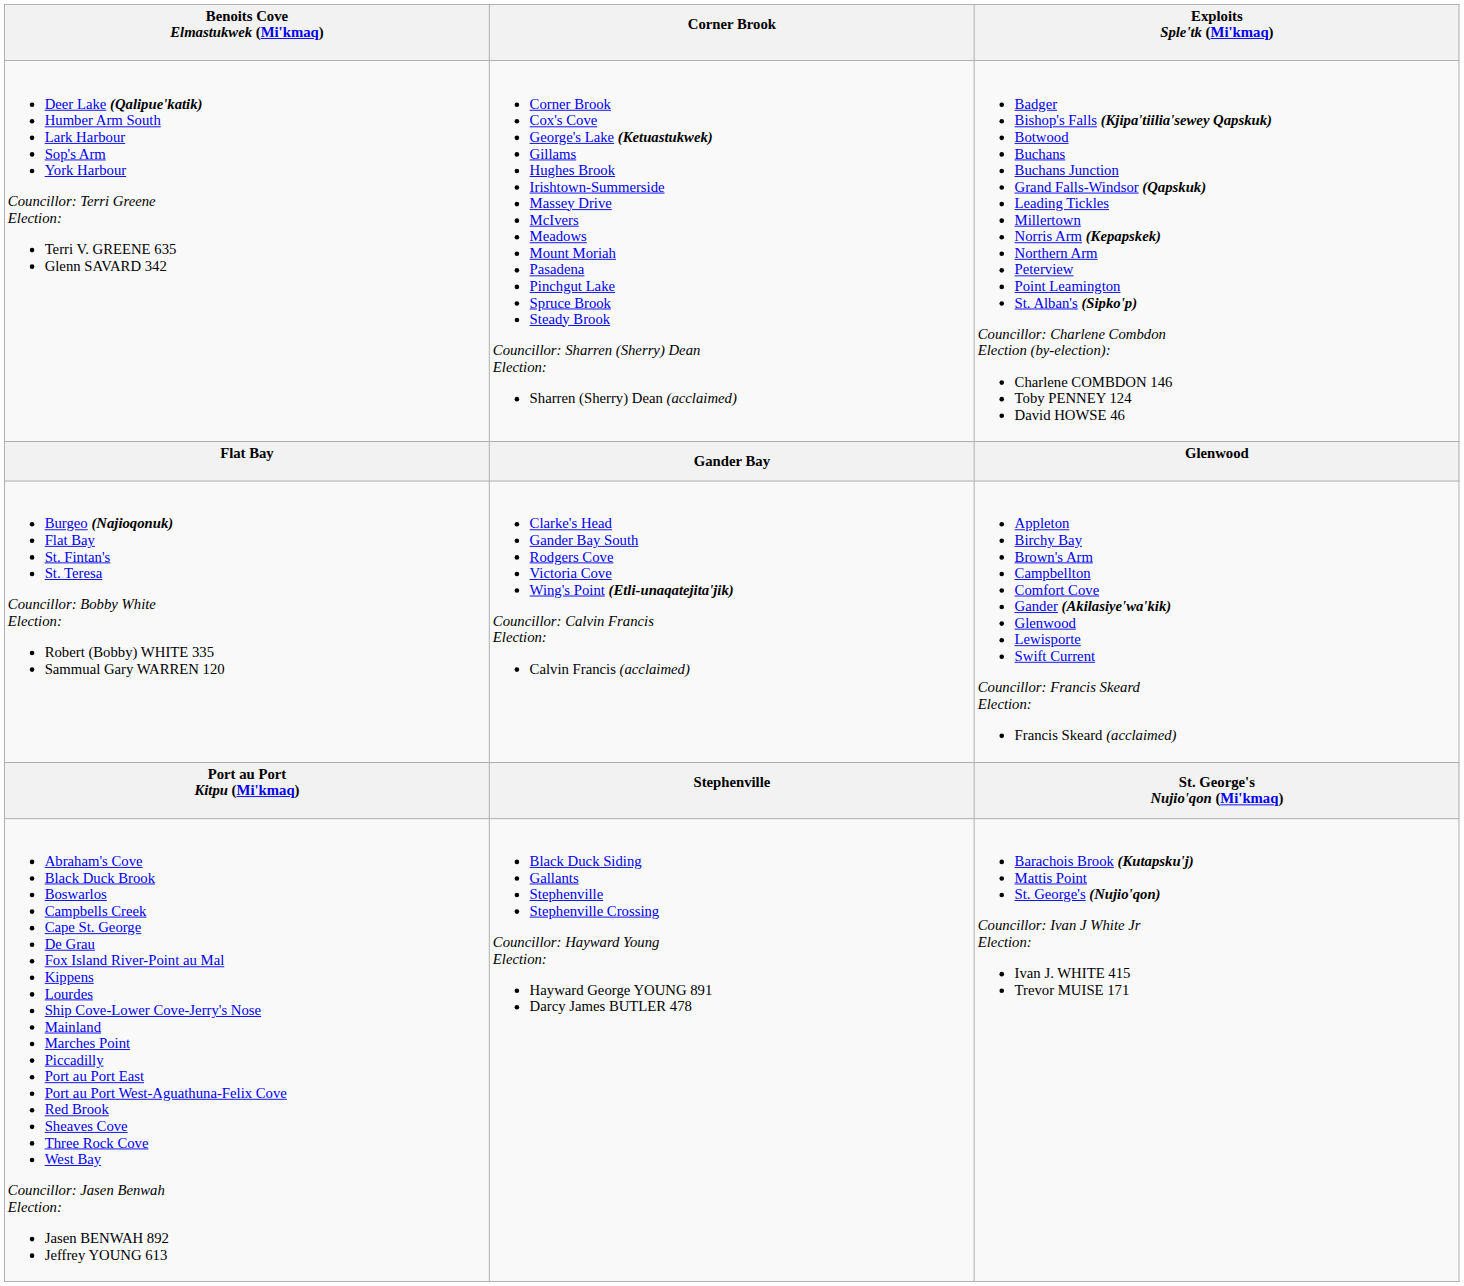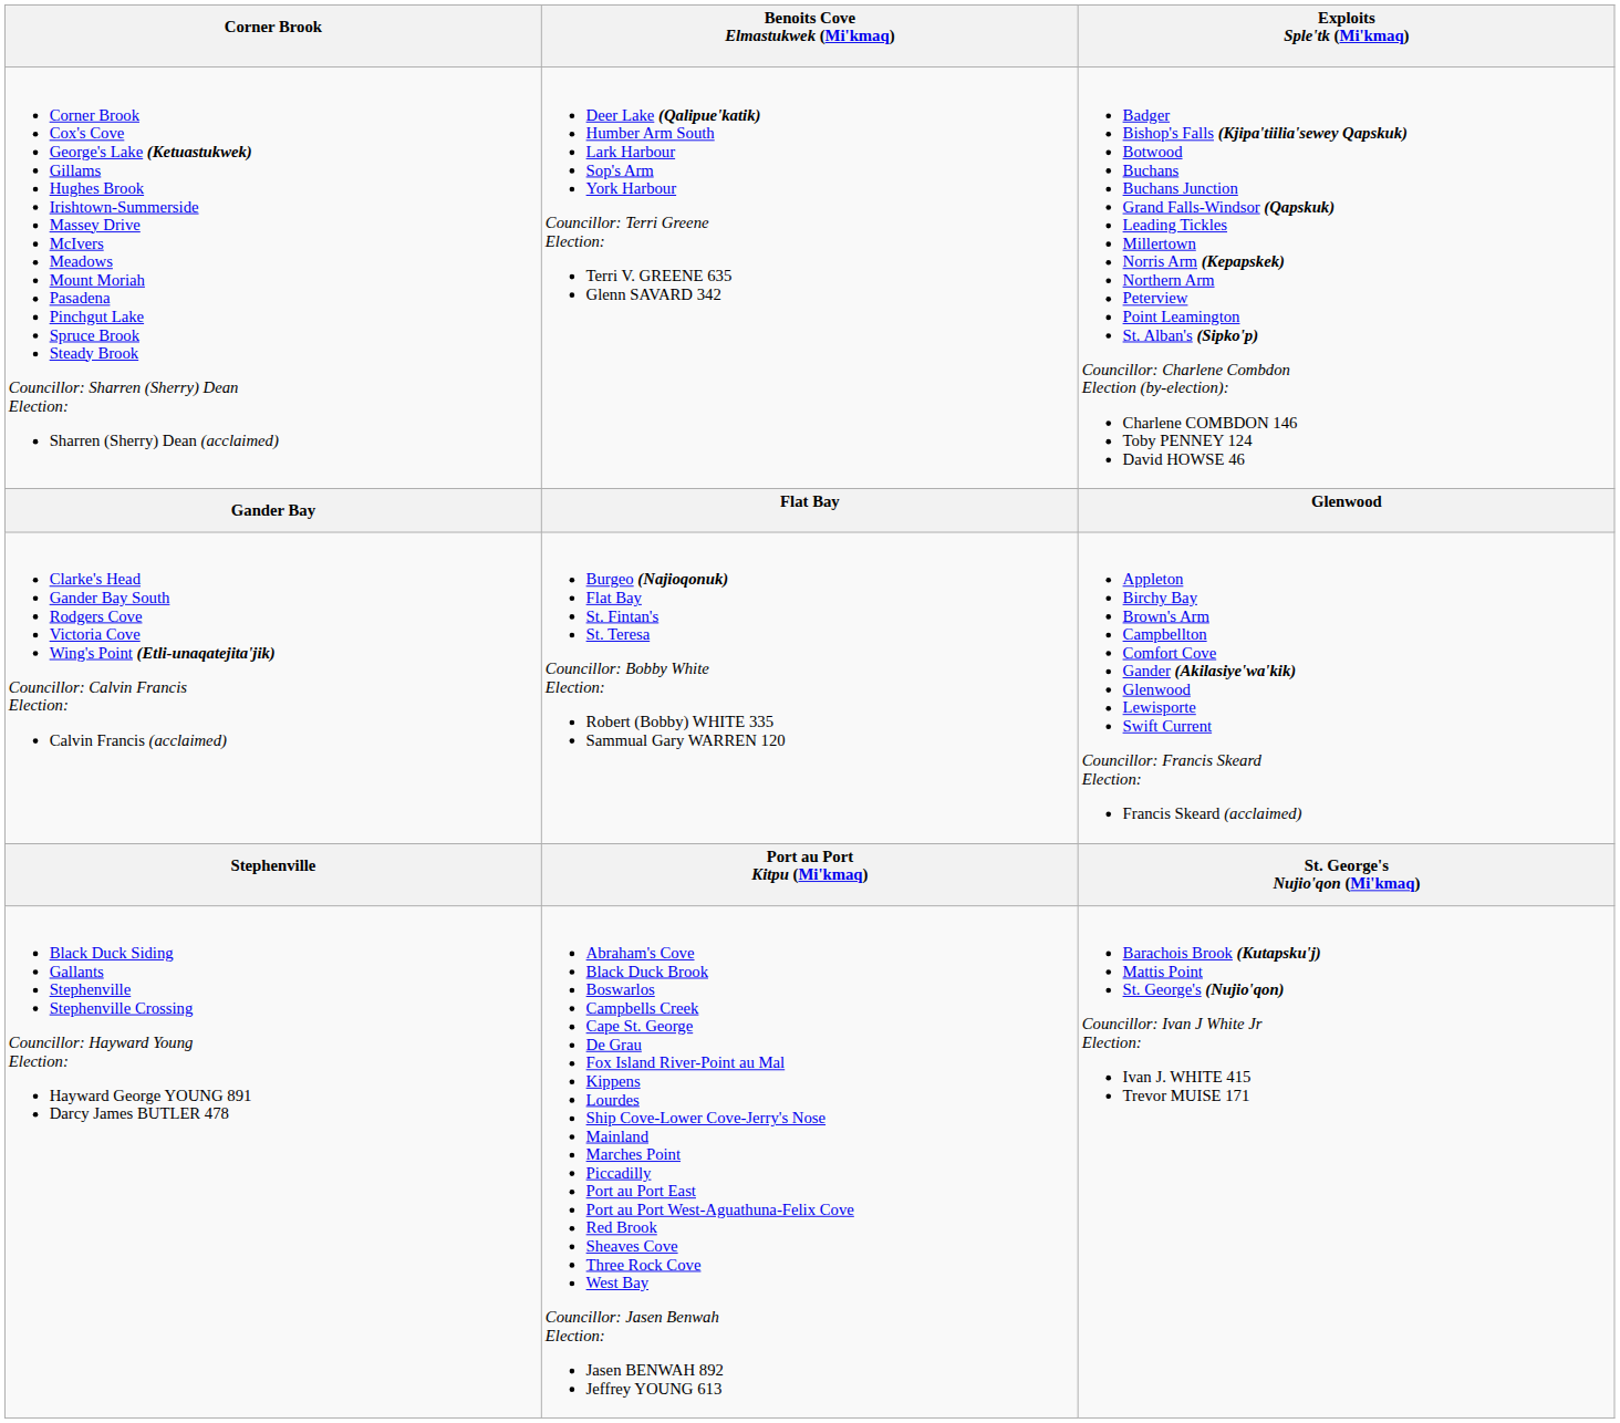 <table class="wikitable" style="width:99.9%">
 <tr>
+<th style="width:33.3%"><strong>Corner Brook<br><br></strong></th>
 <th style="width:33.3%"><strong>Benoits Cove<br><em>Elmastukwek</em> (<a href='#'>Mi'kmaq</a>)<br><br></strong></th>
-<th style="width:33.3%"><strong>Corner Brook<br><br></strong></th>
 <th style="width:33.3%"><strong>Exploits<br><em>Sple'tk</em> (<a href='#'>Mi'kmaq</a>)<br><br></strong></th>
 </tr>
 <tr>
+<td valign="top"><br><ul><li><a href='#'>Corner Brook</a></li><li><a href='#'>Cox's Cove</a></li><li><a href='#'>George's Lake</a> <strong><em>(Ketuastukwek)</em></strong></li><li><a href='#'>Gillams</a></li><li><a href='#'>Hughes Brook</a></li><li><a href='#'>Irishtown-Summerside</a></li><li><a href='#'>Massey Drive</a></li><li><a href='#'>McIvers</a></li><li><a href='#'>Meadows</a></li><li><a href='#'>Mount Moriah</a></li><li><a href='#'>Pasadena</a></li><li><a href='#'>Pinchgut Lake</a></li><li><a href='#'>Spruce Brook</a></li><li><a href='#'>Steady Brook</a></li></ul><em>Councillor:  Sharren (Sherry) Dean</em> <br><em>Election:</em><ul><li>Sharren (Sherry) Dean <em>(acclaimed)</em></li></ul></td>
 <td valign="top"><br><ul><li><a href='#'>Deer Lake</a> <strong><em>(Qalipue'katik)</em></strong></li><li><a href='#'>Humber Arm South</a></li><li><a href='#'>Lark Harbour</a></li><li><a href='#'>Sop's Arm</a></li><li><a href='#'>York Harbour</a></li></ul><em>Councillor: Terri Greene</em><br> <em>Election:</em><ul><li>Terri V. GREENE 635</li><li>Glenn SAVARD 342</li></ul></td>
-<td valign="top"><br><ul><li><a href='#'>Corner Brook</a></li><li><a href='#'>Cox's Cove</a></li><li><a href='#'>George's Lake</a> <strong><em>(Ketuastukwek)</em></strong></li><li><a href='#'>Gillams</a></li><li><a href='#'>Hughes Brook</a></li><li><a href='#'>Irishtown-Summerside</a></li><li><a href='#'>Massey Drive</a></li><li><a href='#'>McIvers</a></li><li><a href='#'>Meadows</a></li><li><a href='#'>Mount Moriah</a></li><li><a href='#'>Pasadena</a></li><li><a href='#'>Pinchgut Lake</a></li><li><a href='#'>Spruce Brook</a></li><li><a href='#'>Steady Brook</a></li></ul><em>Councillor:  Sharren (Sherry) Dean</em> <br><em>Election:</em><ul><li>Sharren (Sherry) Dean <em>(acclaimed)</em></li></ul></td>
 <td valign="top"><br><ul><li><a href='#'>Badger</a></li><li><a href='#'>Bishop's Falls</a> <strong><em>(Kjipa'tiilia'sewey Qapskuk)</em></strong></li><li><a href='#'>Botwood</a></li><li><a href='#'>Buchans</a></li><li><a href='#'>Buchans Junction</a></li><li><a href='#'>Grand Falls-Windsor</a> <strong><em>(Qapskuk)</em></strong></li><li><a href='#'>Leading Tickles</a></li><li><a href='#'>Millertown</a></li><li><a href='#'>Norris Arm</a> <strong><em>(Kepapskek)</em></strong></li><li><a href='#'>Northern Arm</a></li><li><a href='#'>Peterview</a></li><li><a href='#'>Point Leamington</a></li><li><a href='#'>St. Alban's</a> <strong><em>(Sipko'p)</em></strong></li></ul><em>Councillor: Charlene Combdon</em><br> <em>Election (by-election):</em><ul><li>Charlene COMBDON 146</li><li>Toby PENNEY 124</li><li>David HOWSE 46</li></ul></td>
 </tr>
 <tr>
+<th style="width:33.3%"><strong>Gander Bay<br></strong></th>
 <th style="width:33.3%"><strong>Flat Bay<br> <br></strong></th>
-<th style="width:33.3%"><strong>Gander Bay<br></strong></th>
 <th style="width:33.3%"><strong>Glenwood<br><br></strong></th>
 </tr>
 <tr>
+<td valign="top"><br><ul><li><a href='#'>Clarke's Head</a></li><li><a href='#'>Gander Bay South</a></li><li><a href='#'>Rodgers Cove</a></li><li><a href='#'>Victoria Cove</a></li><li><a href='#'>Wing's Point</a> <strong><em>(Etli-unaqatejita'jik)</em></strong></li></ul><em>Councillor: Calvin Francis</em><br><em>Election:</em><ul><li>Calvin Francis <em>(acclaimed)</em></li></ul></td>
 <td valign="top"><br><ul><li><a href='#'>Burgeo</a> <strong><em>(Najioqonuk)</em></strong></li><li><a href='#'>Flat Bay</a></li><li><a href='#'>St. Fintan's</a></li><li><a href='#'>St. Teresa</a></li></ul><em>Councillor: Bobby White</em><br><em>Election:</em><ul><li>Robert (Bobby) WHITE 335</li><li>Sammual Gary WARREN 120</li></ul></td>
-<td valign="top"><br><ul><li><a href='#'>Clarke's Head</a></li><li><a href='#'>Gander Bay South</a></li><li><a href='#'>Rodgers Cove</a></li><li><a href='#'>Victoria Cove</a></li><li><a href='#'>Wing's Point</a> <strong><em>(Etli-unaqatejita'jik)</em></strong></li></ul><em>Councillor: Calvin Francis</em><br><em>Election:</em><ul><li>Calvin Francis <em>(acclaimed)</em></li></ul></td>
 <td valign="top"><br><ul><li><a href='#'>Appleton</a></li><li><a href='#'>Birchy Bay</a></li><li><a href='#'>Brown's Arm</a></li><li><a href='#'>Campbellton</a></li><li><a href='#'>Comfort Cove</a></li><li><a href='#'>Gander</a> <strong><em>(Akilasiye'wa'kik)</em></strong></li><li><a href='#'>Glenwood</a></li><li><a href='#'>Lewisporte</a></li><li><a href='#'>Swift Current</a></li></ul><em>Councillor: Francis Skeard</em><br><em>Election:</em><ul><li>Francis Skeard <em>(acclaimed)</em></li></ul></td>
 </tr>
 <tr>
+<th style="width:33.3%"><strong>Stephenville<br><br></strong></th>
 <th style="width:33.3%"><strong>Port au Port<br><em>Kitpu</em> (<a href='#'>Mi'kmaq</a>)<br><br></strong></th>
-<th style="width:33.3%"><strong>Stephenville<br><br></strong></th>
 <th style="width:33.3%"><strong>St. George's<br><em>Nujio'qon</em> (<a href='#'>Mi'kmaq</a>)<br></strong></th>
 </tr>
 <tr>
+<td valign="top"><br><ul><li><a href='#'>Black Duck Siding</a></li><li><a href='#'>Gallants</a></li><li><a href='#'>Stephenville</a></li><li><a href='#'>Stephenville Crossing</a></li></ul><em>Councillor: Hayward Young</em><br><em>Election:</em><ul><li>Hayward George YOUNG 891</li><li>Darcy James BUTLER 478</li></ul></td>
 <td valign="top"><br><ul><li><a href='#'>Abraham's Cove</a></li><li><a href='#'>Black Duck Brook</a></li><li><a href='#'>Boswarlos</a></li><li><a href='#'>Campbells Creek</a></li><li><a href='#'>Cape St. George</a></li><li><a href='#'>De Grau</a></li><li><a href='#'>Fox Island River-Point au Mal</a></li><li><a href='#'>Kippens</a></li><li><a href='#'>Lourdes</a></li><li><a href='#'>Ship Cove-Lower Cove-Jerry's Nose</a></li><li><a href='#'>Mainland</a></li><li><a href='#'>Marches Point</a></li><li><a href='#'>Piccadilly</a></li><li><a href='#'>Port au Port East</a></li><li><a href='#'>Port au Port West-Aguathuna-Felix Cove</a></li><li><a href='#'>Red Brook</a></li><li><a href='#'>Sheaves Cove</a></li><li><a href='#'>Three Rock Cove</a></li><li><a href='#'>West Bay</a></li></ul><em>Councillor: Jasen Benwah</em><br><em>Election:</em><ul><li>Jasen BENWAH 892</li><li>Jeffrey YOUNG 613</li></ul></td>
-<td valign="top"><br><ul><li><a href='#'>Black Duck Siding</a></li><li><a href='#'>Gallants</a></li><li><a href='#'>Stephenville</a></li><li><a href='#'>Stephenville Crossing</a></li></ul><em>Councillor: Hayward Young</em><br><em>Election:</em><ul><li>Hayward George YOUNG 891</li><li>Darcy James BUTLER 478</li></ul></td>
 <td valign="top"><br><ul><li><a href='#'>Barachois Brook</a> <strong><em>(Kutapsku'j)</em></strong></li><li><a href='#'>Mattis Point</a></li><li><a href='#'>St. George's</a> <strong><em>(Nujio'qon)</em></strong></li></ul><em>Councillor: Ivan J White Jr</em><br><em>Election:</em><ul><li>Ivan J. WHITE 415</li><li>Trevor MUISE 171</li></ul></td>
 </tr>
 </table>
